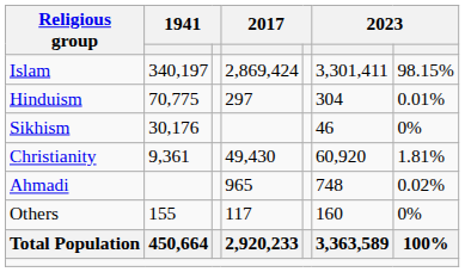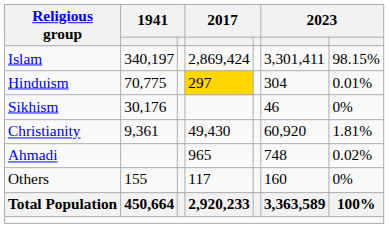 <table class="wikitable sortable">
 <tr>
 <th rowspan="2"><a href='#'>Religious</a><br>group</th>
 <th colspan="2">1941</th>
 <th colspan="2">2017</th>
 <th colspan="2">2023</th>
 </tr>
 <tr>
 <th><a href='#'></a></th>
 <th></th>
 <th></th>
 <th></th>
 <th></th>
 <th></th>
 </tr>
 <tr>
 <td><a href='#'>Islam</a> </td>
 <td>340,197</td>
 <td></td>
 <td>2,869,424</td>
 <td></td>
 <td>3,301,411</td>
 <td>98.15%</td>
 </tr>
 <tr>
 <td><a href='#'>Hinduism</a> </td>
 <td>70,775</td>
 <td></td>
-<td>297</td>
+<td style="background: gold;">297</td>
 <td></td>
 <td>304</td>
 <td>0.01%</td>
 </tr>
 <tr>
 <td><a href='#'>Sikhism</a> </td>
 <td>30,176</td>
 <td></td>
 <td></td>
 <td></td>
 <td>46</td>
 <td>0%</td>
 </tr>
 <tr>
 <td><a href='#'>Christianity</a> </td>
 <td>9,361</td>
 <td></td>
 <td>49,430</td>
 <td></td>
 <td>60,920</td>
 <td>1.81%</td>
 </tr>
 <tr>
 <td><a href='#'>Ahmadi</a></td>
 <td></td>
 <td></td>
 <td>965</td>
 <td></td>
 <td>748</td>
 <td>0.02%</td>
 </tr>
 <tr>
 <td>Others</td>
 <td>155</td>
 <td></td>
 <td>117</td>
 <td></td>
 <td>160</td>
 <td>0%</td>
 </tr>
 <tr>
 <th>Total Population</th>
 <th>450,664</th>
 <th></th>
 <th>2,920,233</th>
 <th></th>
 <th>3,363,589</th>
 <th>100%</th>
 </tr>
 <tr class="sortbottom">
 <td colspan="7"></td>
 </tr>
 </table>
